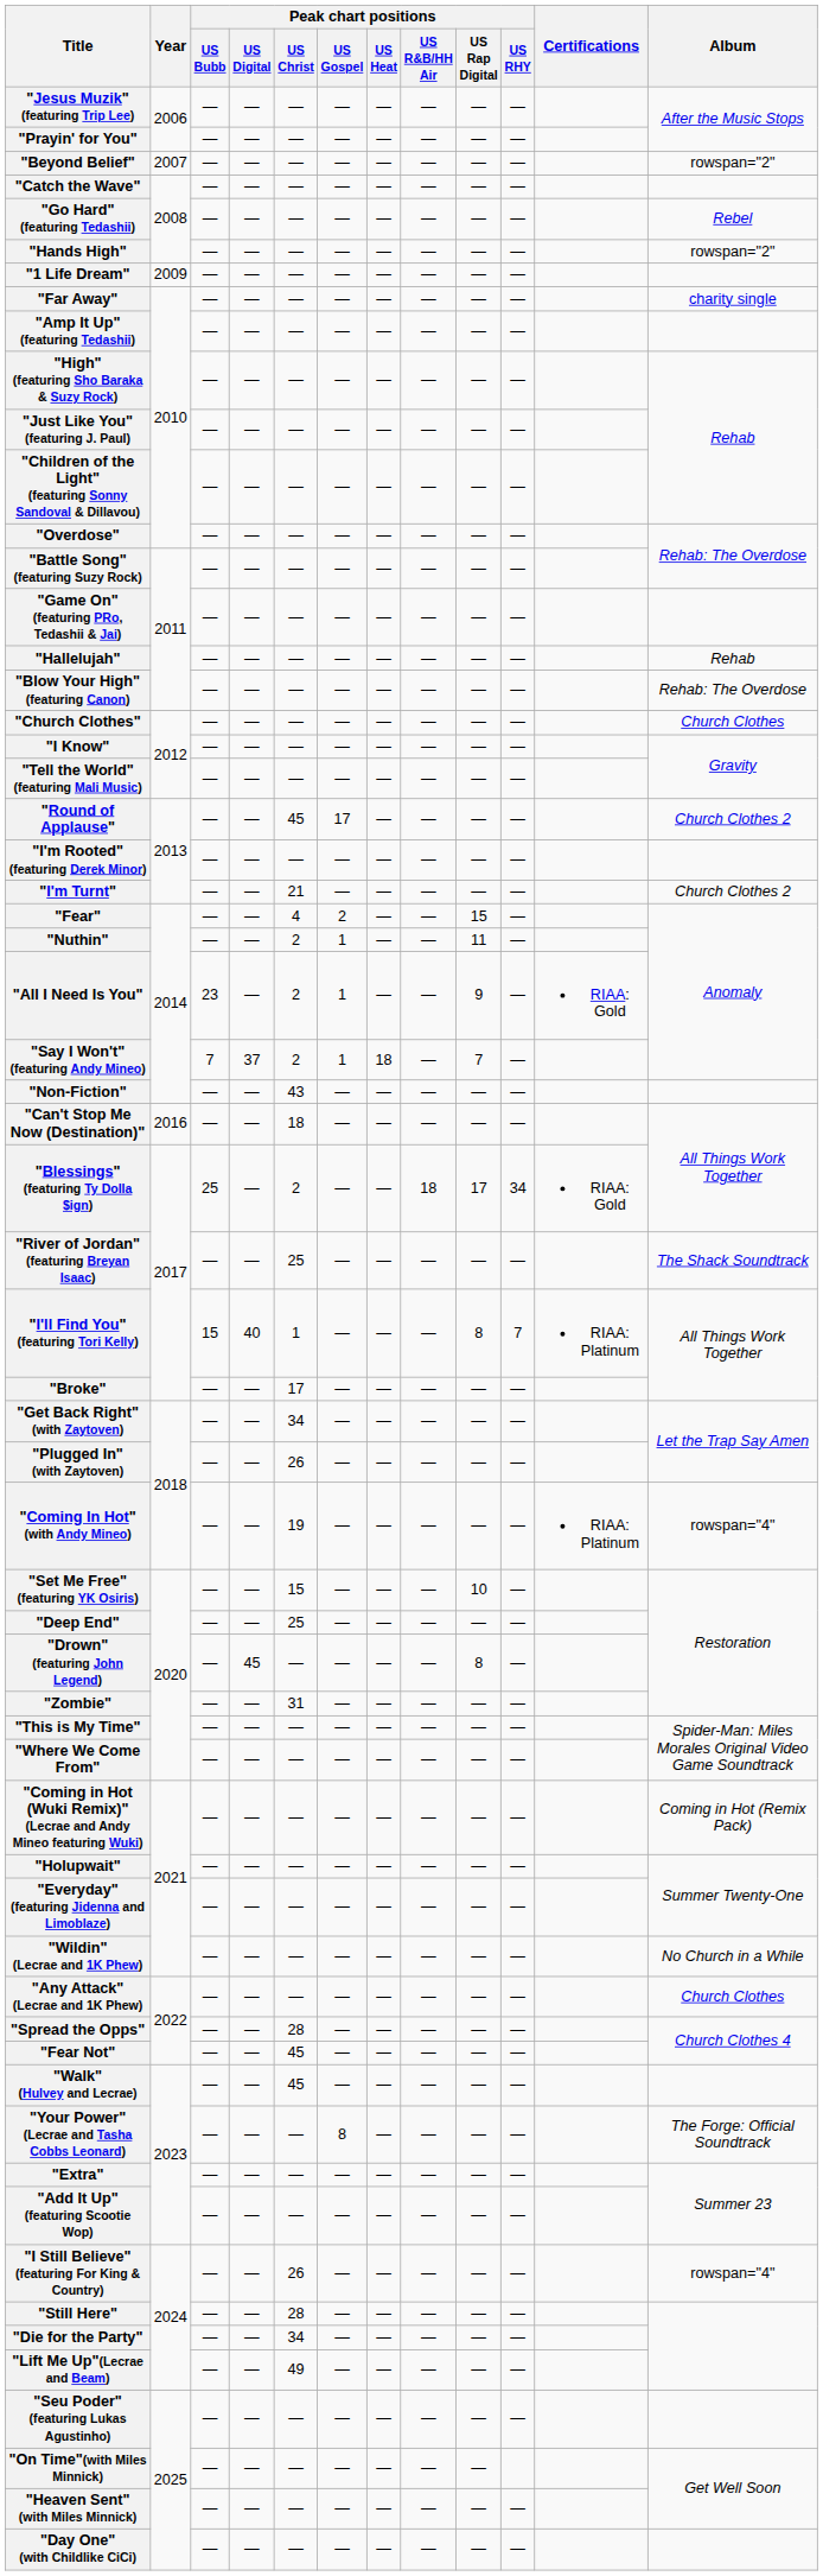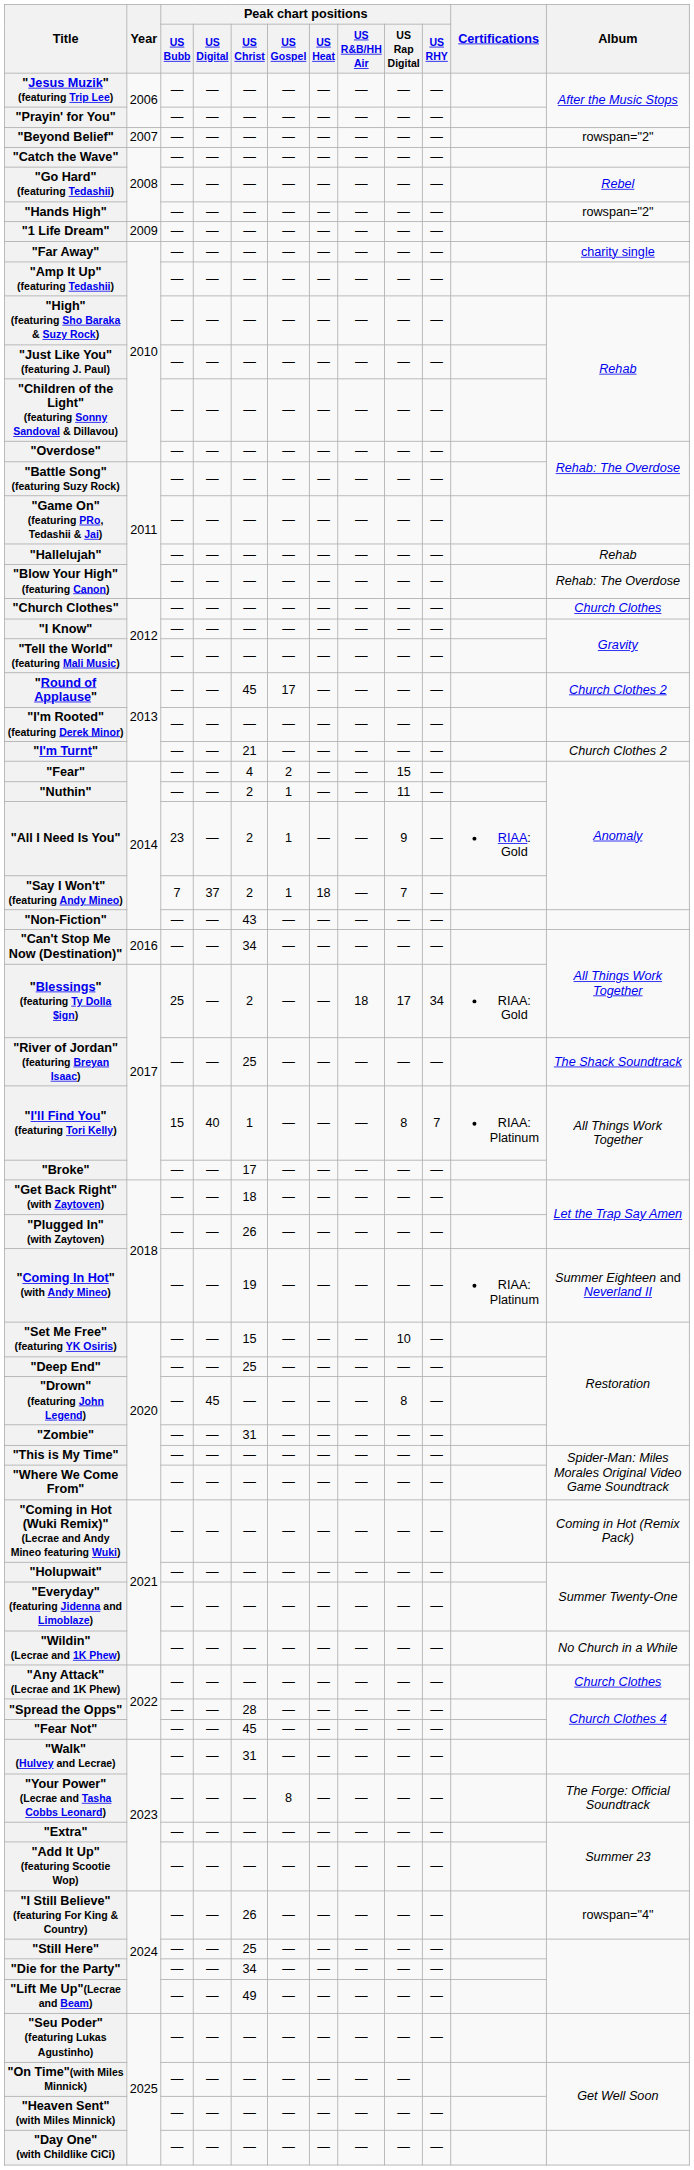 <table class="wikitable plainrowheaders" style="text-align:center;">
 <tr>
 <th rowspan="2" scope="col">Title</th>
 <th rowspan="2" scope="col">Year</th>
 <th colspan="8">Peak chart positions</th>
 <th rowspan="2" scope="col"><a href='#'>Certifications</a></th>
 <th rowspan="2" scope="col">Album</th>
 </tr>
 <tr>
 <th scope="col"><small><a href='#'>US<br>Bubb</a><br></small></th>
 <th scope="col"><small><a href='#'>US<br>Digital</a><br></small></th>
 <th scope="col"><small><a href='#'>US<br>Christ</a><br></small></th>
 <th scope="col"><small><a href='#'>US<br>Gospel</a><br></small></th>
 <th><small><a href='#'>US<br>Heat</a><br></small></th>
 <th scope="col"><small><a href='#'>US<br>R&B/HH<br>Air</a><br></small></th>
 <th scope="col"><small>US<br>Rap<br>Digital<br></small></th>
 <th scope="col"><small><a href='#'>US<br>RHY</a><br></small></th>
 </tr>
 <tr>
 <th scope="row">"<a href='#'>Jesus Muzik</a>"<br><small>(featuring <a href='#'>Trip Lee</a>)</small></th>
 <td rowspan="2">2006</td>
 <td>—</td>
 <td>—</td>
 <td>—</td>
 <td>—</td>
 <td>—</td>
 <td>—</td>
 <td>—</td>
 <td>—</td>
 <td></td>
 <td rowspan="2"><em><a href='#'>After the Music Stops</a></em></td>
 </tr>
 <tr>
 <th scope="row">"Prayin' for You"</th>
 <td>—</td>
 <td>—</td>
 <td>—</td>
 <td>—</td>
 <td>—</td>
 <td>—</td>
 <td>—</td>
 <td>—</td>
 <td></td>
 </tr>
 <tr>
 <th scope="row">"Beyond Belief"</th>
 <td>2007</td>
 <td>—</td>
 <td>—</td>
 <td>—</td>
 <td>—</td>
 <td>—</td>
 <td>—</td>
 <td>—</td>
 <td>—</td>
 <td></td>
 <td>rowspan="2" </td>
 </tr>
 <tr>
 <th scope="row">"Catch the Wave"</th>
 <td rowspan="3">2008</td>
 <td>—</td>
 <td>—</td>
 <td>—</td>
 <td>—</td>
 <td>—</td>
 <td>—</td>
 <td>—</td>
 <td>—</td>
 <td></td>
 </tr>
 <tr>
 <th scope="row">"Go Hard"<br><small>(featuring <a href='#'>Tedashii</a>)</small></th>
 <td>—</td>
 <td>—</td>
 <td>—</td>
 <td>—</td>
 <td>—</td>
 <td>—</td>
 <td>—</td>
 <td>—</td>
 <td></td>
 <td><em><a href='#'>Rebel</a></em></td>
 </tr>
 <tr>
 <th scope="row">"Hands High"</th>
 <td>—</td>
 <td>—</td>
 <td>—</td>
 <td>—</td>
 <td>—</td>
 <td>—</td>
 <td>—</td>
 <td>—</td>
 <td></td>
 <td>rowspan="2" </td>
 </tr>
 <tr>
 <th scope="row">"1 Life Dream"</th>
 <td>2009</td>
 <td>—</td>
 <td>—</td>
 <td>—</td>
 <td>—</td>
 <td>—</td>
 <td>—</td>
 <td>—</td>
 <td>—</td>
 <td></td>
 </tr>
 <tr>
 <th scope="row">"Far Away"</th>
 <td rowspan="6">2010</td>
 <td>—</td>
 <td>—</td>
 <td>—</td>
 <td>—</td>
 <td>—</td>
 <td>—</td>
 <td>—</td>
 <td>—</td>
 <td></td>
 <td><a href='#'>charity single</a></td>
 </tr>
 <tr>
 <th scope="row">"Amp It Up"<br><small>(featuring <a href='#'>Tedashii</a>)</small></th>
 <td>—</td>
 <td>—</td>
 <td>—</td>
 <td>—</td>
 <td>—</td>
 <td>—</td>
 <td>—</td>
 <td>—</td>
 <td></td>
 <td></td>
 </tr>
 <tr>
 <th scope="row">"High"<br><small>(featuring <a href='#'>Sho Baraka</a> & <a href='#'>Suzy Rock</a>)</small></th>
 <td>—</td>
 <td>—</td>
 <td>—</td>
 <td>—</td>
 <td>—</td>
 <td>—</td>
 <td>—</td>
 <td>—</td>
 <td></td>
 <td rowspan="3"><em><a href='#'>Rehab</a></em></td>
 </tr>
 <tr>
 <th scope="row">"Just Like You"<br><small>(featuring J. Paul)</small></th>
 <td>—</td>
 <td>—</td>
 <td>—</td>
 <td>—</td>
 <td>—</td>
 <td>—</td>
 <td>—</td>
 <td>—</td>
 <td></td>
 </tr>
 <tr>
 <th scope="row">"Children of the Light"<br><small>(featuring <a href='#'>Sonny Sandoval</a> & Dillavou)</small></th>
 <td>—</td>
 <td>—</td>
 <td>—</td>
 <td>—</td>
 <td>—</td>
 <td>—</td>
 <td>—</td>
 <td>—</td>
 <td></td>
 </tr>
 <tr>
 <th scope="row">"Overdose"</th>
 <td>—</td>
 <td>—</td>
 <td>—</td>
 <td>—</td>
 <td>—</td>
 <td>—</td>
 <td>—</td>
 <td>—</td>
 <td></td>
 <td rowspan="2"><em><a href='#'>Rehab: The Overdose</a></em></td>
 </tr>
 <tr>
 <th scope="row">"Battle Song"<br><small>(featuring Suzy Rock)</small></th>
 <td rowspan="4">2011</td>
 <td>—</td>
 <td>—</td>
 <td>—</td>
 <td>—</td>
 <td>—</td>
 <td>—</td>
 <td>—</td>
 <td>—</td>
 <td></td>
 </tr>
 <tr>
 <th scope="row">"Game On"<br><small>(featuring <a href='#'>PRo</a>, Tedashii & <a href='#'>Jai</a>)</small></th>
 <td>—</td>
 <td>—</td>
 <td>—</td>
 <td>—</td>
 <td>—</td>
 <td>—</td>
 <td>—</td>
 <td>—</td>
 <td></td>
 <td></td>
 </tr>
 <tr>
 <th scope="row">"Hallelujah"</th>
 <td>—</td>
 <td>—</td>
 <td>—</td>
 <td>—</td>
 <td>—</td>
 <td>—</td>
 <td>—</td>
 <td>—</td>
 <td></td>
 <td><em>Rehab</em></td>
 </tr>
 <tr>
 <th scope="row">"Blow Your High"<br><small>(featuring <a href='#'>Canon</a>)</small></th>
 <td>—</td>
 <td>—</td>
 <td>—</td>
 <td>—</td>
 <td>—</td>
 <td>—</td>
 <td>—</td>
 <td>—</td>
 <td></td>
 <td><em>Rehab: The Overdose</em></td>
 </tr>
 <tr>
 <th scope="row">"Church Clothes"</th>
 <td rowspan="3">2012</td>
 <td>—</td>
 <td>—</td>
 <td>—</td>
 <td>—</td>
 <td>—</td>
 <td>—</td>
 <td>—</td>
 <td>—</td>
 <td></td>
 <td><em><a href='#'>Church Clothes</a></em></td>
 </tr>
 <tr>
 <th scope="row">"I Know"</th>
 <td>—</td>
 <td>—</td>
 <td>—</td>
 <td>—</td>
 <td>—</td>
 <td>—</td>
 <td>—</td>
 <td>—</td>
 <td></td>
 <td rowspan="2"><em><a href='#'>Gravity</a></em></td>
 </tr>
 <tr>
 <th scope="row">"Tell the World"<br><small>(featuring <a href='#'>Mali Music</a>)</small></th>
 <td>—</td>
 <td>—</td>
 <td>—</td>
 <td>—</td>
 <td>—</td>
 <td>—</td>
 <td>—</td>
 <td>—</td>
 <td></td>
 </tr>
 <tr>
 <th scope="row">"<a href='#'>Round of Applause</a>"</th>
 <td rowspan="3">2013</td>
 <td>—</td>
 <td>—</td>
 <td>45</td>
 <td>17</td>
 <td>—</td>
 <td>—</td>
 <td>—</td>
 <td>—</td>
 <td></td>
 <td><em><a href='#'>Church Clothes 2</a></em></td>
 </tr>
 <tr>
 <th scope="row">"I'm Rooted"<br><small>(featuring <a href='#'>Derek Minor</a>)</small></th>
 <td>—</td>
 <td>—</td>
 <td>—</td>
 <td>—</td>
 <td>—</td>
 <td>—</td>
 <td>—</td>
 <td>—</td>
 <td></td>
 <td></td>
 </tr>
 <tr>
 <th scope="row">"<a href='#'>I'm Turnt</a>"</th>
 <td>—</td>
 <td>—</td>
 <td>21</td>
 <td>—</td>
 <td>—</td>
 <td>—</td>
 <td>—</td>
 <td>—</td>
 <td></td>
 <td><em>Church Clothes 2</em></td>
 </tr>
 <tr>
 <th scope="row">"Fear"</th>
 <td rowspan="5">2014</td>
 <td>—</td>
 <td>—</td>
 <td>4</td>
 <td>2</td>
 <td>—</td>
 <td>—</td>
 <td>15</td>
 <td>—</td>
 <td></td>
 <td rowspan="4"><em><a href='#'>Anomaly</a></em></td>
 </tr>
 <tr>
 <th scope="row">"Nuthin"</th>
 <td>—</td>
 <td>—</td>
 <td>2</td>
 <td>1</td>
 <td>—</td>
 <td>—</td>
 <td>11</td>
 <td>—</td>
 <td></td>
 </tr>
 <tr>
 <th scope="row">"All I Need Is You"</th>
 <td>23</td>
 <td>—</td>
 <td>2</td>
 <td>1</td>
 <td>—</td>
 <td>—</td>
 <td>9</td>
 <td>—</td>
 <td><br><ul><li><a href='#'>RIAA</a>: Gold</li></ul></td>
 </tr>
 <tr>
 <th scope="row">"Say I Won't"<br><small>(featuring <a href='#'>Andy Mineo</a>)</small></th>
 <td>7</td>
 <td>37</td>
 <td>2</td>
 <td>1</td>
 <td>18</td>
 <td>—</td>
 <td>7</td>
 <td>—</td>
 <td></td>
 </tr>
 <tr>
 <th scope="row">"Non-Fiction"</th>
 <td>—</td>
 <td>—</td>
 <td>43</td>
 <td>—</td>
 <td>—</td>
 <td>—</td>
 <td>—</td>
 <td>—</td>
 <td></td>
 <td></td>
 </tr>
 <tr>
 <th scope="row">"Can't Stop Me Now (Destination)"</th>
 <td>2016</td>
 <td>—</td>
 <td>—</td>
-<td>18</td>
+<td>34</td>
 <td>—</td>
 <td>—</td>
 <td>—</td>
 <td>—</td>
 <td>—</td>
 <td></td>
 <td rowspan="2"><em><a href='#'>All Things Work Together</a></em></td>
 </tr>
 <tr>
 <th scope="row">"<a href='#'>Blessings</a>"<br><small>(featuring <a href='#'>Ty Dolla $ign</a>)</small></th>
 <td rowspan="4">2017</td>
 <td>25</td>
 <td>—</td>
 <td>2</td>
 <td>—</td>
 <td>—</td>
 <td>18</td>
 <td>17</td>
 <td>34</td>
 <td><br><ul><li>RIAA: Gold</li></ul></td>
 </tr>
 <tr>
 <th scope="row">"River of Jordan"<br><small>(featuring <a href='#'>Breyan Isaac</a>)</small></th>
 <td>—</td>
 <td>—</td>
 <td>25</td>
 <td>—</td>
 <td>—</td>
 <td>—</td>
 <td>—</td>
 <td>—</td>
 <td></td>
 <td><em><a href='#'>The Shack Soundtrack</a></em></td>
 </tr>
 <tr>
 <th scope="row">"<a href='#'>I'll Find You</a>"<br><small>(featuring <a href='#'>Tori Kelly</a>)</small></th>
 <td>15</td>
 <td>40</td>
 <td>1</td>
 <td>—</td>
 <td>—</td>
 <td>—</td>
 <td>8</td>
 <td>7</td>
 <td><br><ul><li>RIAA: Platinum</li></ul></td>
 <td rowspan="2"><em>All Things Work Together</em></td>
 </tr>
 <tr>
 <th scope="row">"Broke"</th>
 <td>—</td>
 <td>—</td>
 <td>17</td>
 <td>—</td>
 <td>—</td>
 <td>—</td>
 <td>—</td>
 <td>—</td>
 <td></td>
 </tr>
 <tr>
 <th scope="row">"Get Back Right"<br><small>(with <a href='#'>Zaytoven</a>)</small></th>
 <td rowspan="3">2018</td>
 <td>—</td>
 <td>—</td>
-<td>34</td>
+<td>18</td>
 <td>—</td>
 <td>—</td>
 <td>—</td>
 <td>—</td>
 <td>—</td>
 <td></td>
 <td rowspan="2"><em><a href='#'>Let the Trap Say Amen</a></em></td>
 </tr>
 <tr>
 <th scope="row">"Plugged In"<br><small>(with Zaytoven)</small></th>
 <td>—</td>
 <td>—</td>
 <td>26</td>
 <td>—</td>
 <td>—</td>
 <td>—</td>
 <td>—</td>
 <td>—</td>
 <td></td>
 </tr>
 <tr>
 <th scope="row">"<a href='#'>Coming In Hot</a>"<br><small>(with <a href='#'>Andy Mineo</a>)</small></th>
 <td>—</td>
 <td>—</td>
 <td>19</td>
 <td>—</td>
 <td>—</td>
 <td>—</td>
 <td>—</td>
 <td>—</td>
 <td><br><ul><li>RIAA: Platinum</li></ul></td>
-<td>rowspan="4" </td>
+<td><em>Summer Eighteen</em> and <em><a href='#'>Neverland II</a></em></td>
 </tr>
 <tr>
 <th scope="row">"Set Me Free"<br><small>(featuring <a href='#'>YK Osiris</a>)</small></th>
 <td rowspan="6">2020</td>
 <td>—</td>
 <td>—</td>
 <td>15</td>
 <td>—</td>
 <td>—</td>
 <td>—</td>
 <td>10</td>
 <td>—</td>
 <td></td>
 <td rowspan="4"><em>Restoration</em></td>
 </tr>
 <tr>
 <th scope="row">"Deep End"</th>
 <td>—</td>
 <td>—</td>
 <td>25</td>
 <td>—</td>
 <td>—</td>
 <td>—</td>
 <td>—</td>
 <td>—</td>
 <td></td>
 </tr>
 <tr>
 <th scope="row">"Drown"<br><small>(featuring <a href='#'>John Legend</a>)</small></th>
 <td>—</td>
 <td>45</td>
 <td>—</td>
 <td>—</td>
 <td>—</td>
 <td>—</td>
 <td>8</td>
 <td>—</td>
 <td></td>
 </tr>
 <tr>
 <th scope="row">"Zombie"</th>
 <td>—</td>
 <td>—</td>
 <td>31</td>
 <td>—</td>
 <td>—</td>
 <td>—</td>
 <td>—</td>
 <td>—</td>
 <td></td>
 </tr>
 <tr>
 <th scope="row">"This is My Time"</th>
 <td>—</td>
 <td>—</td>
 <td>—</td>
 <td>—</td>
 <td>—</td>
 <td>—</td>
 <td>—</td>
 <td>—</td>
 <td></td>
 <td rowspan="2"><em>Spider-Man: Miles Morales Original Video Game Soundtrack</em></td>
 </tr>
 <tr>
 <th scope="row">"Where We Come From"</th>
 <td>—</td>
 <td>—</td>
 <td>—</td>
 <td>—</td>
 <td>—</td>
 <td>—</td>
 <td>—</td>
 <td>—</td>
 <td></td>
 </tr>
 <tr>
 <th scope="row">"Coming in Hot (Wuki Remix)" <br><small>(Lecrae and Andy Mineo featuring <a href='#'>Wuki</a>)</small></th>
 <td rowspan="4">2021</td>
 <td>—</td>
 <td>—</td>
 <td>—</td>
 <td>—</td>
 <td>—</td>
 <td>—</td>
 <td>—</td>
 <td>—</td>
 <td></td>
 <td><em>Coming in Hot (Remix Pack)</em></td>
 </tr>
 <tr>
 <th scope="row">"Holupwait"</th>
 <td>—</td>
 <td>—</td>
 <td>—</td>
 <td>—</td>
 <td>—</td>
 <td>—</td>
 <td>—</td>
 <td>—</td>
 <td></td>
 <td rowspan="2"><em>Summer Twenty-One</em></td>
 </tr>
 <tr>
 <th scope="row">"Everyday"<br><small>(featuring <a href='#'>Jidenna</a> and <a href='#'>Limoblaze</a>)</small></th>
 <td>—</td>
 <td>—</td>
 <td>—</td>
 <td>—</td>
 <td>—</td>
 <td>—</td>
 <td>—</td>
 <td>—</td>
 <td></td>
 </tr>
 <tr>
 <th scope="row">"Wildin"<br><small>(Lecrae and <a href='#'>1K Phew</a>)</small></th>
 <td>—</td>
 <td>—</td>
 <td>—</td>
 <td>—</td>
 <td>—</td>
 <td>—</td>
 <td>—</td>
 <td>—</td>
 <td></td>
 <td><em>No Church in a While</em></td>
 </tr>
 <tr>
 <th scope="row">"Any Attack"<br><small>(Lecrae and 1K Phew)</small></th>
 <td rowspan="3">2022</td>
 <td>—</td>
 <td>—</td>
 <td>—</td>
 <td>—</td>
 <td>—</td>
 <td>—</td>
 <td>—</td>
 <td>—</td>
 <td></td>
 <td><em><a href='#'>Church Clothes</a></em></td>
 </tr>
 <tr>
 <th scope="row">"Spread the Opps"</th>
 <td>—</td>
 <td>—</td>
 <td>28</td>
 <td>—</td>
 <td>—</td>
 <td>—</td>
 <td>—</td>
 <td>—</td>
 <td></td>
 <td rowspan="2"><em><a href='#'>Church Clothes 4</a></em></td>
 </tr>
 <tr>
 <th scope="row">"Fear Not"</th>
 <td>—</td>
 <td>—</td>
 <td>45</td>
 <td>—</td>
 <td>—</td>
 <td>—</td>
 <td>—</td>
 <td>—</td>
 <td></td>
 </tr>
 <tr>
 <th scope="row">"Walk"<br><small>(<a href='#'>Hulvey</a> and Lecrae)</small></th>
 <td rowspan="4">2023</td>
 <td>—</td>
 <td>—</td>
-<td>45</td>
+<td>31</td>
 <td>—</td>
 <td>—</td>
 <td>—</td>
 <td>—</td>
 <td>—</td>
 <td></td>
 <td></td>
 </tr>
 <tr>
 <th scope="row">"Your Power"<br><small>(Lecrae and <a href='#'>Tasha Cobbs Leonard</a>)</small></th>
 <td>—</td>
 <td>—</td>
 <td>—</td>
 <td>8</td>
 <td>—</td>
 <td>—</td>
 <td>—</td>
 <td>—</td>
 <td></td>
 <td><em>The Forge: Official Soundtrack</em></td>
 </tr>
 <tr>
 <th scope="row">"Extra"</th>
 <td>—</td>
 <td>—</td>
 <td>—</td>
 <td>—</td>
 <td>—</td>
 <td>—</td>
 <td>—</td>
 <td>—</td>
 <td></td>
 <td rowspan="2"><em>Summer 23</em></td>
 </tr>
 <tr>
 <th scope="row">"Add It Up"<br><small>(featuring Scootie Wop)</small></th>
 <td>—</td>
 <td>—</td>
 <td>—</td>
 <td>—</td>
 <td>—</td>
 <td>—</td>
 <td>—</td>
 <td>—</td>
 <td></td>
 </tr>
 <tr>
 <th scope="row">"I Still Believe"<br><small>(featuring For King & Country)</small></th>
 <td rowspan="4">2024</td>
 <td>—</td>
 <td>—</td>
 <td>26</td>
 <td>—</td>
 <td>—</td>
 <td>—</td>
 <td>—</td>
 <td>—</td>
 <td></td>
 <td>rowspan="4" </td>
 </tr>
 <tr>
 <th scope="row">"Still Here"</th>
 <td>—</td>
 <td>—</td>
-<td>28</td>
+<td>25</td>
 <td>—</td>
 <td>—</td>
 <td>—</td>
 <td>—</td>
 <td>—</td>
 <td></td>
 </tr>
 <tr>
 <th scope="row">"Die for the Party"</th>
 <td>—</td>
 <td>—</td>
 <td>34</td>
 <td>—</td>
 <td>—</td>
 <td>—</td>
 <td>—</td>
 <td>—</td>
 <td></td>
 </tr>
 <tr>
 <th scope="row">"Lift Me Up"<small>(Lecrae and <a href='#'>Beam</a>)</small></th>
 <td>—</td>
 <td>—</td>
 <td>49</td>
 <td>—</td>
 <td>—</td>
 <td>—</td>
 <td>—</td>
 <td>—</td>
 <td></td>
 </tr>
 <tr>
 <th scope="row">"Seu Poder" <small>(featuring Lukas Agustinho)</small></th>
 <td rowspan="4">2025</td>
 <td>—</td>
 <td>—</td>
 <td>—</td>
 <td>—</td>
 <td>—</td>
 <td>—</td>
 <td>—</td>
 <td>—</td>
 <td></td>
 <td></td>
 </tr>
 <tr>
 <th scope="row">"On Time"<small>(with Miles Minnick)</small></th>
 <td>—</td>
 <td>—</td>
 <td>—</td>
 <td>—</td>
 <td>—</td>
 <td>—</td>
 <td>—</td>
 <td></td>
 <td></td>
 <td rowspan="2"><em>Get Well Soon</em></td>
 </tr>
 <tr>
 <th scope="row">"Heaven Sent"<br><small>(with Miles Minnick)</small></th>
 <td>—</td>
 <td>—</td>
 <td>—</td>
 <td>—</td>
 <td>—</td>
 <td>—</td>
 <td>—</td>
 <td>—</td>
 <td></td>
 </tr>
 <tr>
 <th scope="row">"Day One"<br><small>(with Childlike CiCi)</small></th>
 <td>—</td>
 <td>—</td>
 <td>—</td>
 <td>—</td>
 <td>—</td>
 <td>—</td>
 <td>—</td>
 <td>—</td>
 <td></td>
 <td></td>
 </tr>
 </table>
